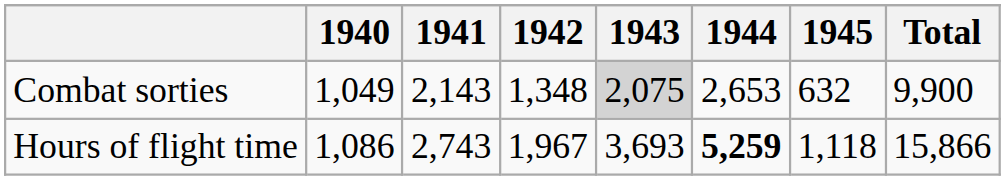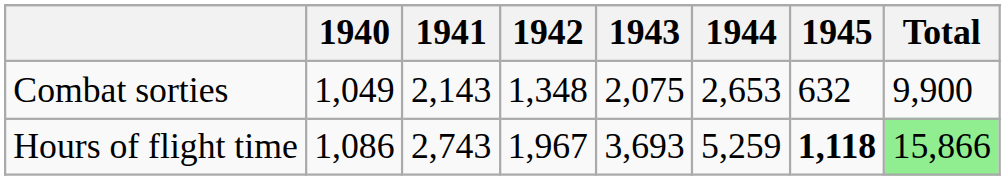 <table class="wikitable">
 <tr>
 </tr>
 <tr>
 <th></th>
 <th>1940</th>
 <th>1941</th>
 <th>1942</th>
 <th>1943</th>
 <th>1944</th>
 <th>1945</th>
 <th>Total</th>
 </tr>
 <tr>
 <td>Combat sorties</td>
 <td>1,049</td>
 <td>2,143</td>
 <td>1,348</td>
-<td style="background: lightgrey;">2,075</td>
+<td>2,075</td>
 <td>2,653</td>
 <td>632</td>
 <td>9,900</td>
 </tr>
 <tr>
 <td>Hours of flight time</td>
 <td>1,086</td>
 <td>2,743</td>
 <td>1,967</td>
 <td>3,693</td>
-<td><strong>5,259</strong></td>
-<td>1,118</td>
-<td>15,866</td>
+<td>5,259</td>
+<td><strong>1,118</strong></td>
+<td style="background: lightgreen;">15,866</td>
 </tr>
 </table>
